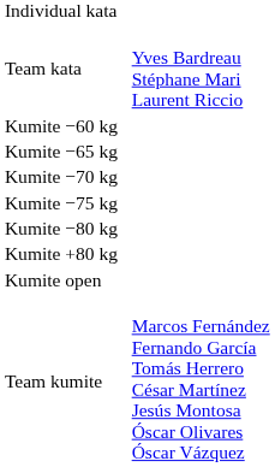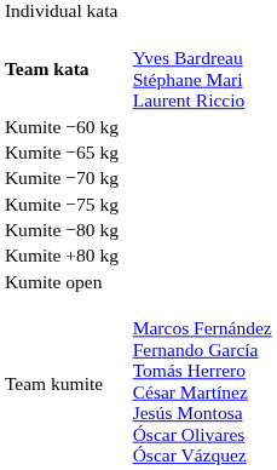 <table>
 <tr>
 <td>Individual kata</td>
 <td></td>
 <td></td>
 <td></td>
 </tr>
 <tr>
-<td>Team kata</td>
+<td><strong>Team kata</strong></td>
 <td></td>
 <td></td>
 <td><br><a href='#'>Yves Bardreau</a><br><a href='#'>Stéphane Mari</a><br><a href='#'>Laurent Riccio</a></td>
 </tr>
 <tr>
 <td rowspan=2>Kumite −60 kg</td>
 <td rowspan=2></td>
 <td rowspan=2></td>
 <td></td>
 </tr>
 <tr>
 <td></td>
 </tr>
 <tr>
 <td rowspan=2>Kumite −65 kg</td>
 <td rowspan=2></td>
 <td rowspan=2></td>
 <td></td>
 </tr>
 <tr>
 <td></td>
 </tr>
 <tr>
 <td rowspan=2>Kumite −70 kg</td>
 <td rowspan=2></td>
 <td rowspan=2></td>
 <td></td>
 </tr>
 <tr>
 <td></td>
 </tr>
 <tr>
 <td rowspan=2>Kumite −75 kg</td>
 <td rowspan=2></td>
 <td rowspan=2></td>
 <td></td>
 </tr>
 <tr>
 <td></td>
 </tr>
 <tr>
 <td rowspan=2>Kumite −80 kg</td>
 <td rowspan=2></td>
 <td rowspan=2></td>
 <td></td>
 </tr>
 <tr>
 <td></td>
 </tr>
 <tr>
 <td rowspan=2>Kumite +80 kg</td>
 <td rowspan=2></td>
 <td rowspan=2></td>
 <td></td>
 </tr>
 <tr>
 <td></td>
 </tr>
 <tr>
 <td rowspan=2>Kumite open</td>
 <td rowspan=2></td>
 <td rowspan=2></td>
 <td></td>
 </tr>
 <tr>
 <td></td>
 </tr>
 <tr>
 <td rowspan=2>Team kumite</td>
 <td rowspan=2></td>
 <td rowspan=2></td>
 <td><br><a href='#'>Marcos Fernández</a><br><a href='#'>Fernando García</a><br><a href='#'>Tomás Herrero</a><br><a href='#'>César Martínez</a><br><a href='#'>Jesús Montosa</a><br><a href='#'>Óscar Olivares</a><br><a href='#'>Óscar Vázquez</a></td>
 </tr>
 <tr>
 <td></td>
 </tr>
 </table>
